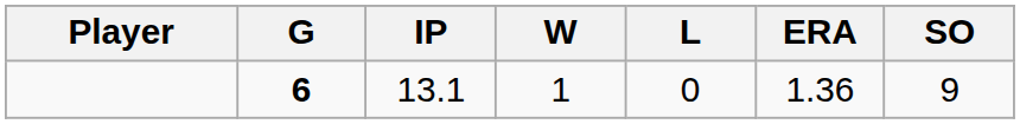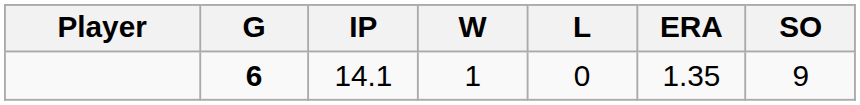 <table class="wikitable sortable">
 <tr>
 <th bgcolor="#DDDDFF" width="16%">Player</th>
 <th bgcolor="#DDDDFF" width="9%">G</th>
 <th bgcolor="#DDDDFF" width="9%">IP</th>
 <th bgcolor="#DDDDFF" width="9%">W</th>
 <th bgcolor="#DDDDFF" width="9%">L</th>
 <th bgcolor="#DDDDFF" width="9%">ERA</th>
 <th bgcolor="#DDDDFF" width="9%">SO</th>
 </tr>
 <tr align="center">
 <td></td>
 <td><strong>6</strong></td>
-<td>13.1</td>
+<td>14.1</td>
 <td>1</td>
 <td>0</td>
-<td>1.36</td>
+<td>1.35</td>
 <td>9</td>
 </tr>
 </table>
